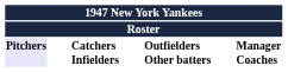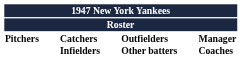 <table class="toccolours" style="font-size: 95%;">
 <tr>
 <th colspan="10" style="background-color: #1c2841; color: white; text-align: center;">1947 New York Yankees</th>
 </tr>
 <tr>
 <td colspan="10" style="background-color: #1c2841; color: white; text-align: center;"><strong>Roster</strong></td>
 </tr>
 <tr>
-<td valign="top" style="background: lavender;"><strong>Pitchers</strong><br>                </td>
+<td valign="top"><strong>Pitchers</strong><br>                </td>
 <td width="25px"></td>
 <td valign="top"><strong>Catchers</strong><br>     <strong>Infielders</strong>         </td>
 <td width="25px"></td>
 <td valign="top"><strong>Outfielders</strong><br>      <strong>Other batters</strong>  </td>
 <td width="25px"></td>
 <td valign="top"><strong>Manager</strong><br> <strong>Coaches</strong>    </td>
 </tr>
 </table>
